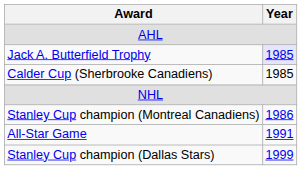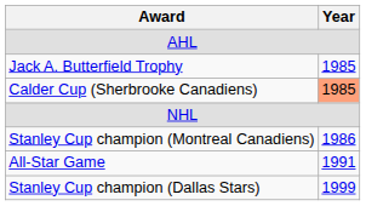 <table class="wikitable">
 <tr>
 <th>Award</th>
 <th>Year</th>
 </tr>
 <tr ALIGN="center" bgcolor="#e0e0e0">
 <td colspan="3"><a href='#'>AHL</a></td>
 </tr>
 <tr>
 <td><a href='#'>Jack A. Butterfield Trophy</a></td>
-<td style="background: lavender;"><a href='#'>1985</a></td>
+<td><a href='#'>1985</a></td>
 </tr>
 <tr>
 <td><a href='#'>Calder Cup</a> (Sherbrooke Canadiens)</td>
-<td>1985</td>
+<td style="background: lightsalmon;">1985</td>
 </tr>
 <tr ALIGN="center" bgcolor="#e0e0e0">
 <td colspan="3"><a href='#'>NHL</a></td>
 </tr>
 <tr>
 <td><a href='#'>Stanley Cup</a> champion (Montreal Canadiens)</td>
 <td><a href='#'>1986</a></td>
 </tr>
 <tr>
 <td><a href='#'>All-Star Game</a></td>
 <td><a href='#'>1991</a></td>
 </tr>
 <tr>
 <td><a href='#'>Stanley Cup</a> champion (Dallas Stars)</td>
 <td><a href='#'>1999</a></td>
 </tr>
 </table>
